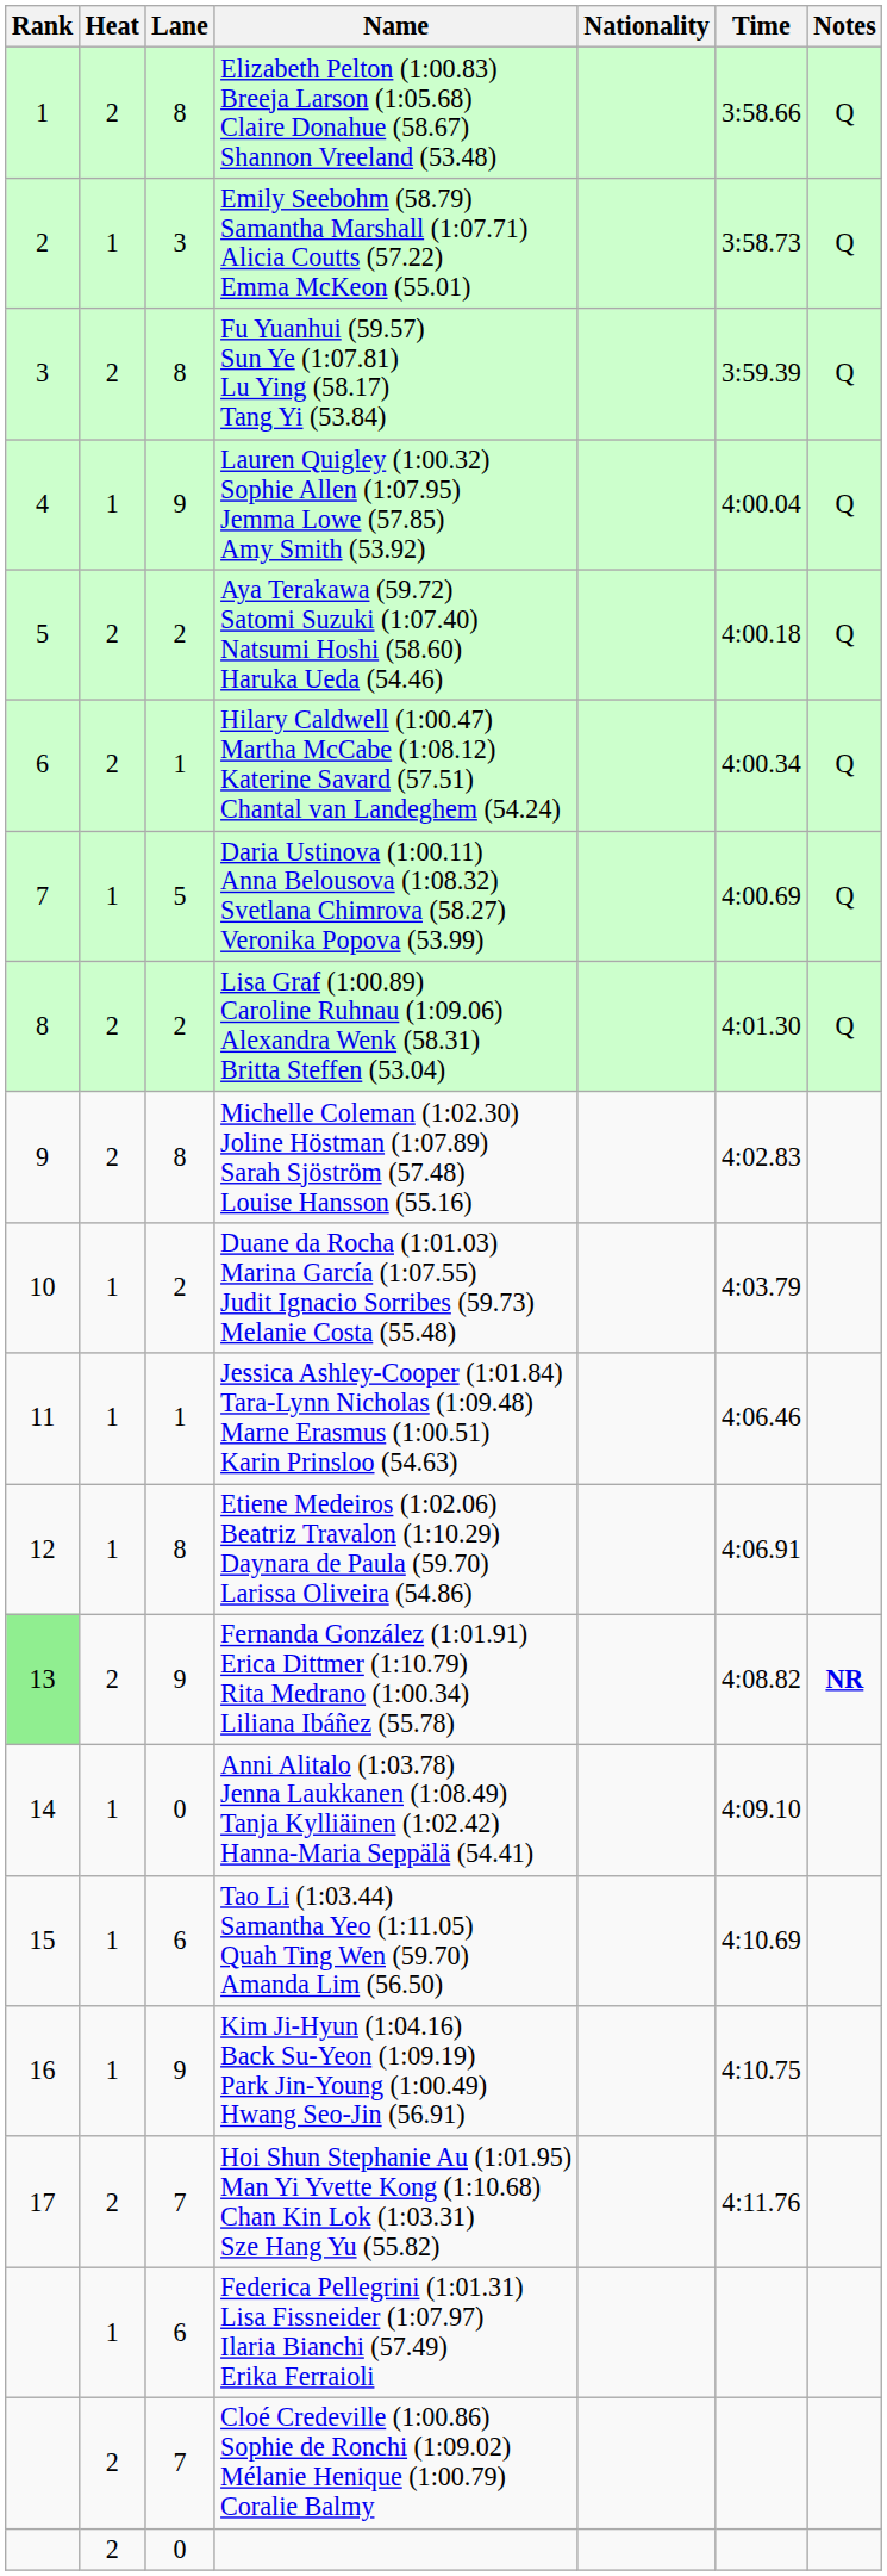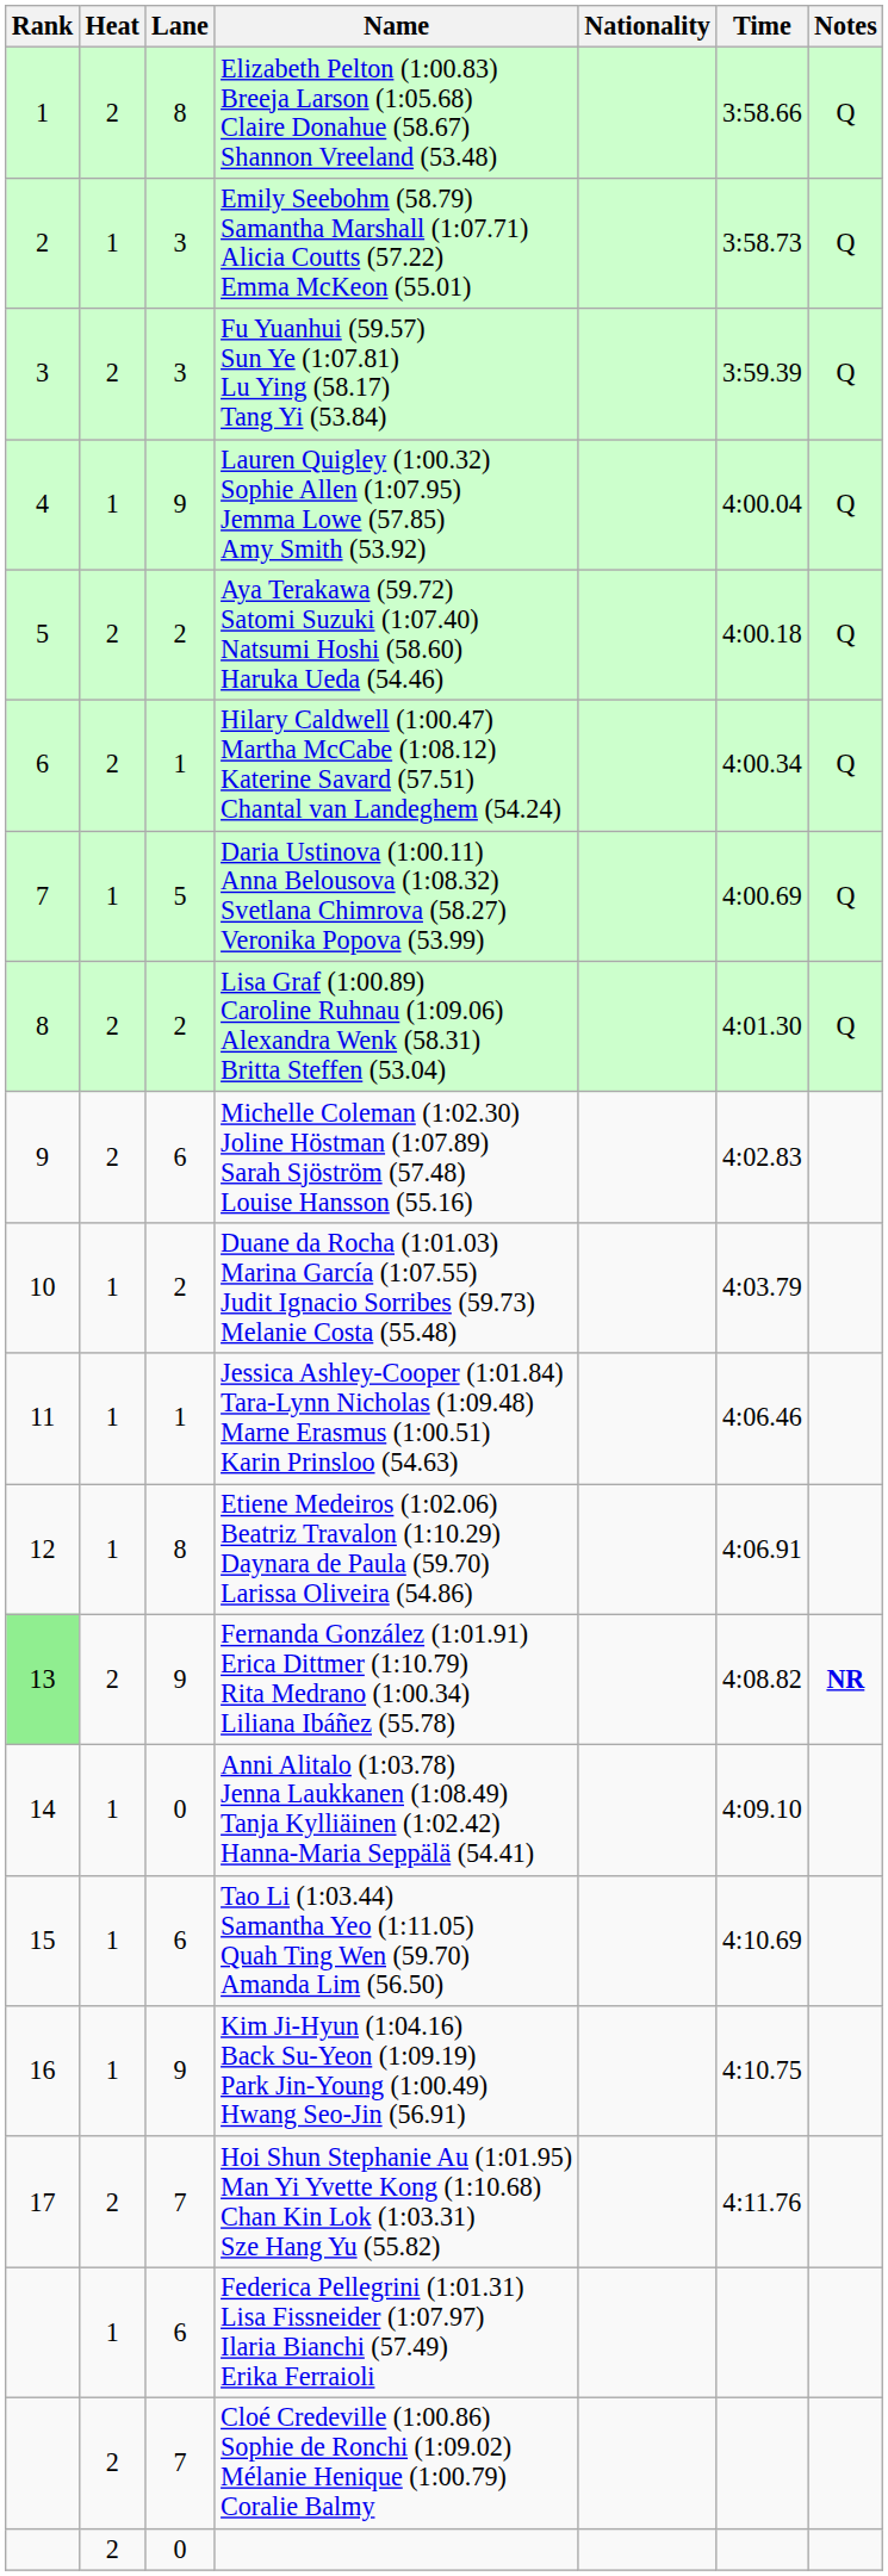 <table class="wikitable sortable" style="text-align:center">
 <tr>
 <th>Rank</th>
 <th>Heat</th>
 <th>Lane</th>
 <th>Name</th>
 <th>Nationality</th>
 <th>Time</th>
 <th>Notes</th>
 </tr>
 <tr bgcolor=ccffcc>
 <td>1</td>
 <td>2</td>
 <td>8</td>
 <td align=left><a href='#'>Elizabeth Pelton</a> (1:00.83)<br><a href='#'>Breeja Larson</a> (1:05.68)<br><a href='#'>Claire Donahue</a> (58.67)<br><a href='#'>Shannon Vreeland</a> (53.48)</td>
 <td align=left></td>
 <td>3:58.66</td>
 <td>Q</td>
 </tr>
 <tr bgcolor=ccffcc>
 <td>2</td>
 <td>1</td>
 <td>3</td>
 <td align="left"><a href='#'>Emily Seebohm</a> (58.79)<br><a href='#'>Samantha Marshall</a> (1:07.71)<br><a href='#'>Alicia Coutts</a> (57.22)<br><a href='#'>Emma McKeon</a> (55.01)</td>
 <td align=left></td>
 <td>3:58.73</td>
 <td>Q</td>
 </tr>
 <tr bgcolor=ccffcc>
 <td>3</td>
 <td>2</td>
-<td>8</td>
+<td>3</td>
 <td align=left><a href='#'>Fu Yuanhui</a> (59.57)<br><a href='#'>Sun Ye</a> (1:07.81)<br><a href='#'>Lu Ying</a> (58.17)<br><a href='#'>Tang Yi</a> (53.84)</td>
 <td align=left></td>
 <td>3:59.39</td>
 <td>Q</td>
 </tr>
 <tr bgcolor=ccffcc>
 <td>4</td>
 <td>1</td>
 <td>9</td>
 <td align=left><a href='#'>Lauren Quigley</a> (1:00.32)<br><a href='#'>Sophie Allen</a> (1:07.95)<br><a href='#'>Jemma Lowe</a> (57.85)<br><a href='#'>Amy Smith</a> (53.92)</td>
 <td align=left></td>
 <td>4:00.04</td>
 <td>Q</td>
 </tr>
 <tr bgcolor=ccffcc>
 <td>5</td>
 <td>2</td>
 <td>2</td>
 <td align=left><a href='#'>Aya Terakawa</a> (59.72)<br><a href='#'>Satomi Suzuki</a> (1:07.40)<br><a href='#'>Natsumi Hoshi</a> (58.60)<br><a href='#'>Haruka Ueda</a> (54.46)</td>
 <td align=left></td>
 <td>4:00.18</td>
 <td>Q</td>
 </tr>
 <tr bgcolor=ccffcc>
 <td>6</td>
 <td>2</td>
 <td>1</td>
 <td align=left><a href='#'>Hilary Caldwell</a> (1:00.47)<br><a href='#'>Martha McCabe</a> (1:08.12)<br><a href='#'>Katerine Savard</a> (57.51)<br><a href='#'>Chantal van Landeghem</a> (54.24)</td>
 <td align=left></td>
 <td>4:00.34</td>
 <td>Q</td>
 </tr>
 <tr bgcolor=ccffcc>
 <td>7</td>
 <td>1</td>
 <td>5</td>
 <td align=left><a href='#'>Daria Ustinova</a> (1:00.11)<br><a href='#'>Anna Belousova</a> (1:08.32)<br><a href='#'>Svetlana Chimrova</a> (58.27)<br><a href='#'>Veronika Popova</a> (53.99)</td>
 <td align=left></td>
 <td>4:00.69</td>
 <td>Q</td>
 </tr>
 <tr bgcolor=ccffcc>
 <td>8</td>
 <td>2</td>
 <td>2</td>
 <td align=left><a href='#'>Lisa Graf</a> (1:00.89)<br><a href='#'>Caroline Ruhnau</a> (1:09.06)<br><a href='#'>Alexandra Wenk</a> (58.31)<br><a href='#'>Britta Steffen</a> (53.04)</td>
 <td align=left></td>
 <td>4:01.30</td>
 <td>Q</td>
 </tr>
 <tr>
 <td>9</td>
 <td>2</td>
-<td>8</td>
+<td>6</td>
 <td align="left"><a href='#'>Michelle Coleman</a> (1:02.30)<br><a href='#'>Joline Höstman</a> (1:07.89)<br><a href='#'>Sarah Sjöström</a> (57.48)<br><a href='#'>Louise Hansson</a> (55.16)</td>
 <td align=left></td>
 <td>4:02.83</td>
 <td></td>
 </tr>
 <tr>
 <td>10</td>
 <td>1</td>
 <td>2</td>
 <td align="left"><a href='#'>Duane da Rocha</a> (1:01.03)<br><a href='#'>Marina García</a> (1:07.55)<br><a href='#'>Judit Ignacio Sorribes</a> (59.73)<br><a href='#'>Melanie Costa</a> (55.48)</td>
 <td align=left></td>
 <td>4:03.79</td>
 <td></td>
 </tr>
 <tr>
 <td>11</td>
 <td>1</td>
 <td>1</td>
 <td align="left"><a href='#'>Jessica Ashley-Cooper</a> (1:01.84)<br><a href='#'>Tara-Lynn Nicholas</a> (1:09.48)<br><a href='#'>Marne Erasmus</a> (1:00.51)<br><a href='#'>Karin Prinsloo</a> (54.63)</td>
 <td align=left></td>
 <td>4:06.46</td>
 <td></td>
 </tr>
 <tr>
 <td>12</td>
 <td>1</td>
 <td>8</td>
 <td align="left"><a href='#'>Etiene Medeiros</a> (1:02.06)<br><a href='#'>Beatriz Travalon</a> (1:10.29)<br><a href='#'>Daynara de Paula</a> (59.70)<br><a href='#'>Larissa Oliveira</a> (54.86)</td>
 <td align=left></td>
 <td>4:06.91</td>
 <td></td>
 </tr>
 <tr>
 <td style="background: lightgreen;">13</td>
 <td>2</td>
 <td>9</td>
 <td align="left"><a href='#'>Fernanda González</a> (1:01.91)<br><a href='#'>Erica Dittmer</a> (1:10.79)<br><a href='#'>Rita Medrano</a> (1:00.34)<br><a href='#'>Liliana Ibáñez</a> (55.78)</td>
 <td align=left></td>
 <td>4:08.82</td>
 <td><strong><a href='#'>NR</a></strong></td>
 </tr>
 <tr>
 <td>14</td>
 <td>1</td>
 <td>0</td>
 <td align="left"><a href='#'>Anni Alitalo</a> (1:03.78)<br><a href='#'>Jenna Laukkanen</a> (1:08.49)<br><a href='#'>Tanja Kylliäinen</a> (1:02.42)<br><a href='#'>Hanna-Maria Seppälä</a> (54.41)</td>
 <td align=left></td>
 <td>4:09.10</td>
 <td></td>
 </tr>
 <tr>
 <td>15</td>
 <td>1</td>
 <td>6</td>
 <td align="left"><a href='#'>Tao Li</a> (1:03.44)<br><a href='#'>Samantha Yeo</a> (1:11.05)<br><a href='#'>Quah Ting Wen</a> (59.70)<br><a href='#'>Amanda Lim</a> (56.50)</td>
 <td align=left></td>
 <td>4:10.69</td>
 <td></td>
 </tr>
 <tr>
 <td>16</td>
 <td>1</td>
 <td>9</td>
 <td align="left"><a href='#'>Kim Ji-Hyun</a> (1:04.16)<br><a href='#'>Back Su-Yeon</a> (1:09.19)<br><a href='#'>Park Jin-Young</a> (1:00.49)<br><a href='#'>Hwang Seo-Jin</a> (56.91)</td>
 <td align=left></td>
 <td>4:10.75</td>
 <td></td>
 </tr>
 <tr>
 <td>17</td>
 <td>2</td>
 <td>7</td>
 <td align="left"><a href='#'>Hoi Shun Stephanie Au</a> (1:01.95)<br><a href='#'>Man Yi Yvette Kong</a> (1:10.68)<br><a href='#'>Chan Kin Lok</a> (1:03.31)<br><a href='#'>Sze Hang Yu</a> (55.82)</td>
 <td align=left></td>
 <td>4:11.76</td>
 <td></td>
 </tr>
 <tr>
 <td></td>
 <td>1</td>
 <td>6</td>
 <td align="left"><a href='#'>Federica Pellegrini</a> (1:01.31)<br><a href='#'>Lisa Fissneider</a> (1:07.97)<br><a href='#'>Ilaria Bianchi</a> (57.49)<br><a href='#'>Erika Ferraioli</a></td>
 <td align=left></td>
 <td></td>
 <td></td>
 </tr>
 <tr>
 <td></td>
 <td>2</td>
 <td>7</td>
 <td align=left><a href='#'>Cloé Credeville</a> (1:00.86)<br><a href='#'>Sophie de Ronchi</a> (1:09.02)<br><a href='#'>Mélanie Henique</a> (1:00.79)<br><a href='#'>Coralie Balmy</a></td>
 <td align=left></td>
 <td></td>
 <td></td>
 </tr>
 <tr>
 <td></td>
 <td>2</td>
 <td>0</td>
 <td align=left></td>
 <td align=left></td>
 <td></td>
 <td></td>
 </tr>
 </table>
